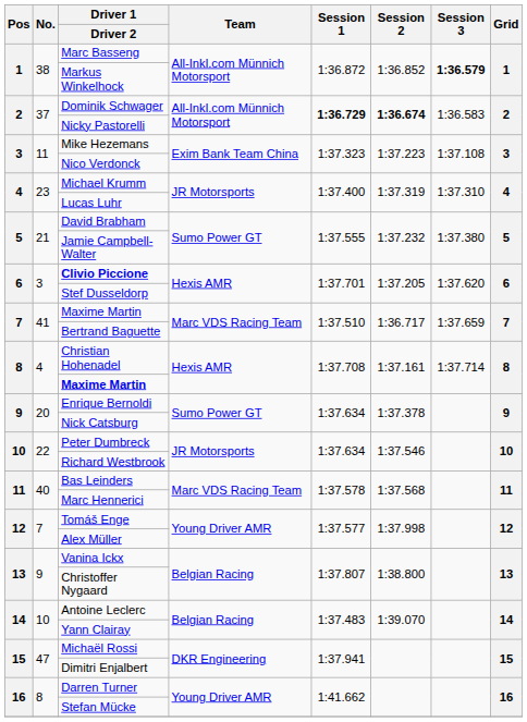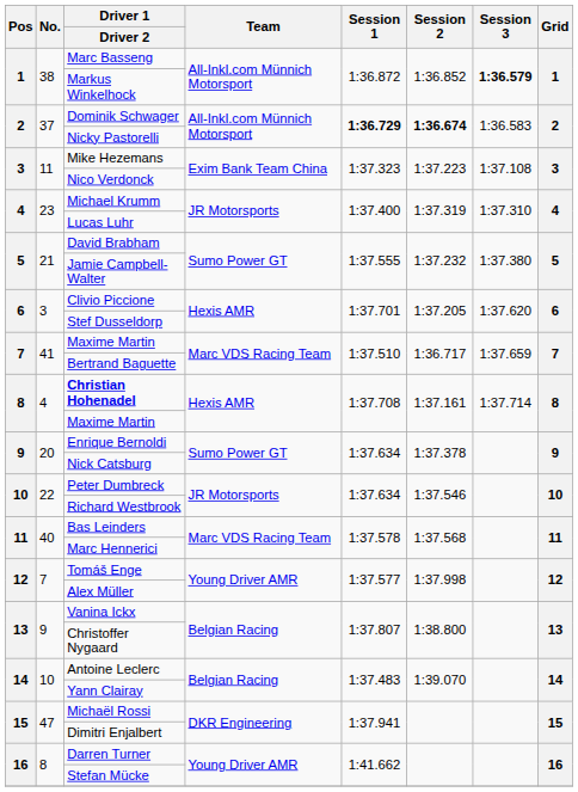 <table class="wikitable" style="font-size: 90%;">
 <tr>
 <th rowspan=2>Pos</th>
 <th rowspan=2>No.</th>
 <th>Driver 1</th>
 <th rowspan=2>Team</th>
 <th rowspan=2>Session 1</th>
 <th rowspan=2>Session 2</th>
 <th rowspan=2>Session 3</th>
 <th rowspan=2>Grid</th>
 </tr>
 <tr>
 <th>Driver 2</th>
 </tr>
 <tr>
 <th rowspan=2>1</th>
 <td rowspan=2>38</td>
 <td> <a href='#'>Marc Basseng</a></td>
 <td rowspan=2> <a href='#'>All-Inkl.com Münnich Motorsport</a></td>
 <td rowspan=2 align="center">1:36.872</td>
 <td rowspan=2 align="center">1:36.852</td>
 <td rowspan=2 align="center"><strong>1:36.579</strong></td>
 <th rowspan=2>1</th>
 </tr>
 <tr>
 <td> <a href='#'>Markus Winkelhock</a></td>
 </tr>
 <tr>
 <th rowspan=2>2</th>
 <td rowspan=2>37</td>
 <td> <a href='#'>Dominik Schwager</a></td>
 <td rowspan=2> <a href='#'>All-Inkl.com Münnich Motorsport</a></td>
 <td rowspan=2 align="center"><strong>1:36.729</strong></td>
 <td rowspan=2 align="center"><strong>1:36.674</strong></td>
 <td rowspan=2 align="center">1:36.583</td>
 <th rowspan=2>2</th>
 </tr>
 <tr>
 <td> <a href='#'>Nicky Pastorelli</a></td>
 </tr>
 <tr>
 <th rowspan=2>3</th>
 <td rowspan=2>11</td>
 <td> Mike Hezemans</td>
 <td rowspan=2> <a href='#'>Exim Bank Team China</a></td>
 <td rowspan=2 align="center">1:37.323</td>
 <td rowspan=2 align="center">1:37.223</td>
 <td rowspan=2 align="center">1:37.108</td>
 <th rowspan=2>3</th>
 </tr>
 <tr>
 <td> <a href='#'>Nico Verdonck</a></td>
 </tr>
 <tr>
 <th rowspan=2>4</th>
 <td rowspan=2>23</td>
 <td> <a href='#'>Michael Krumm</a></td>
 <td rowspan=2> <a href='#'>JR Motorsports</a></td>
 <td rowspan=2 align="center">1:37.400</td>
 <td rowspan=2 align="center">1:37.319</td>
 <td rowspan=2 align="center">1:37.310</td>
 <th rowspan=2>4</th>
 </tr>
 <tr>
 <td> <a href='#'>Lucas Luhr</a></td>
 </tr>
 <tr>
 <th rowspan=2>5</th>
 <td rowspan=2>21</td>
 <td> <a href='#'>David Brabham</a></td>
 <td rowspan=2> <a href='#'>Sumo Power GT</a></td>
 <td rowspan=2 align="center">1:37.555</td>
 <td rowspan=2 align="center">1:37.232</td>
 <td rowspan=2 align="center">1:37.380</td>
 <th rowspan=2>5</th>
 </tr>
 <tr>
 <td> <a href='#'>Jamie Campbell-Walter</a></td>
 </tr>
 <tr>
 <th rowspan=2>6</th>
 <td rowspan=2>3</td>
-<td><strong> <a href='#'>Clivio Piccione</a></strong></td>
+<td> <a href='#'>Clivio Piccione</a></td>
 <td rowspan=2> <a href='#'>Hexis AMR</a></td>
 <td rowspan=2 align="center">1:37.701</td>
 <td rowspan=2 align="center">1:37.205</td>
 <td rowspan=2 align="center">1:37.620</td>
 <th rowspan=2>6</th>
 </tr>
 <tr>
 <td> <a href='#'>Stef Dusseldorp</a></td>
 </tr>
 <tr>
 <th rowspan=2>7</th>
 <td rowspan=2>41</td>
 <td> <a href='#'>Maxime Martin</a></td>
 <td rowspan=2> <a href='#'>Marc VDS Racing Team</a></td>
 <td rowspan=2 align="center">1:37.510</td>
 <td rowspan=2 align="center">1:36.717</td>
 <td rowspan=2 align="center">1:37.659</td>
 <th rowspan=2>7</th>
 </tr>
 <tr>
 <td> <a href='#'>Bertrand Baguette</a></td>
 </tr>
 <tr>
 <th rowspan=2>8</th>
 <td rowspan=2>4</td>
-<td> <a href='#'>Christian Hohenadel</a></td>
+<td><strong> <a href='#'>Christian Hohenadel</a></strong></td>
 <td rowspan=2> <a href='#'>Hexis AMR</a></td>
 <td rowspan=2 align="center">1:37.708</td>
 <td rowspan=2 align="center">1:37.161</td>
 <td rowspan=2 align="center">1:37.714</td>
 <th rowspan=2>8</th>
 </tr>
 <tr>
-<td><strong> <a href='#'>Maxime Martin</a></strong></td>
+<td> <a href='#'>Maxime Martin</a></td>
 </tr>
 <tr>
 <th rowspan=2>9</th>
 <td rowspan=2>20</td>
 <td> <a href='#'>Enrique Bernoldi</a></td>
 <td rowspan=2> <a href='#'>Sumo Power GT</a></td>
 <td rowspan=2 align="center">1:37.634</td>
 <td rowspan=2 align="center">1:37.378</td>
 <td rowspan=2 align="center"></td>
 <th rowspan=2>9</th>
 </tr>
 <tr>
 <td> <a href='#'>Nick Catsburg</a></td>
 </tr>
 <tr>
 <th rowspan=2>10</th>
 <td rowspan=2>22</td>
 <td> <a href='#'>Peter Dumbreck</a></td>
 <td rowspan=2> <a href='#'>JR Motorsports</a></td>
 <td rowspan=2 align="center">1:37.634</td>
 <td rowspan=2 align="center">1:37.546</td>
 <td rowspan=2 align="center"></td>
 <th rowspan=2>10</th>
 </tr>
 <tr>
 <td> <a href='#'>Richard Westbrook</a></td>
 </tr>
 <tr>
 <th rowspan=2>11</th>
 <td rowspan=2>40</td>
 <td> <a href='#'>Bas Leinders</a></td>
 <td rowspan=2> <a href='#'>Marc VDS Racing Team</a></td>
 <td rowspan=2 align="center">1:37.578</td>
 <td rowspan=2 align="center">1:37.568</td>
 <td rowspan=2 align="center"></td>
 <th rowspan=2>11</th>
 </tr>
 <tr>
 <td> <a href='#'>Marc Hennerici</a></td>
 </tr>
 <tr>
 <th rowspan=2>12</th>
 <td rowspan=2>7</td>
 <td> <a href='#'>Tomáš Enge</a></td>
 <td rowspan=2> <a href='#'>Young Driver AMR</a></td>
 <td rowspan=2 align="center">1:37.577</td>
 <td rowspan=2 align="center">1:37.998</td>
 <td rowspan=2 align="center"></td>
 <th rowspan=2>12</th>
 </tr>
 <tr>
 <td> <a href='#'>Alex Müller</a></td>
 </tr>
 <tr>
 <th rowspan=2>13</th>
 <td rowspan=2>9</td>
 <td> <a href='#'>Vanina Ickx</a></td>
 <td rowspan=2> <a href='#'>Belgian Racing</a></td>
 <td rowspan=2 align="center">1:37.807</td>
 <td rowspan=2 align="center">1:38.800</td>
 <td rowspan=2 align="center"></td>
 <th rowspan=2>13</th>
 </tr>
 <tr>
 <td> Christoffer Nygaard</td>
 </tr>
 <tr>
 <th rowspan=2>14</th>
 <td rowspan=2>10</td>
 <td> Antoine Leclerc</td>
 <td rowspan=2> <a href='#'>Belgian Racing</a></td>
 <td rowspan=2 align="center">1:37.483</td>
 <td rowspan=2 align="center">1:39.070</td>
 <td rowspan=2 align="center"></td>
 <th rowspan=2>14</th>
 </tr>
 <tr>
 <td> <a href='#'>Yann Clairay</a></td>
 </tr>
 <tr>
 <th rowspan=2>15</th>
 <td rowspan=2>47</td>
 <td> <a href='#'>Michaël Rossi</a></td>
 <td rowspan=2> <a href='#'>DKR Engineering</a></td>
 <td rowspan=2 align="center">1:37.941</td>
 <td rowspan=2 align="center"></td>
 <td rowspan=2 align="center"></td>
 <th rowspan=2>15</th>
 </tr>
 <tr>
 <td> Dimitri Enjalbert</td>
 </tr>
 <tr>
 <th rowspan=2>16</th>
 <td rowspan=2>8</td>
 <td> <a href='#'>Darren Turner</a></td>
 <td rowspan=2> <a href='#'>Young Driver AMR</a></td>
 <td rowspan=2 align="center">1:41.662</td>
 <td rowspan=2 align="center"></td>
 <td rowspan=2 align="center"></td>
 <th rowspan=2>16</th>
 </tr>
 <tr>
 <td> <a href='#'>Stefan Mücke</a></td>
 </tr>
 <tr>
 </tr>
 </table>
